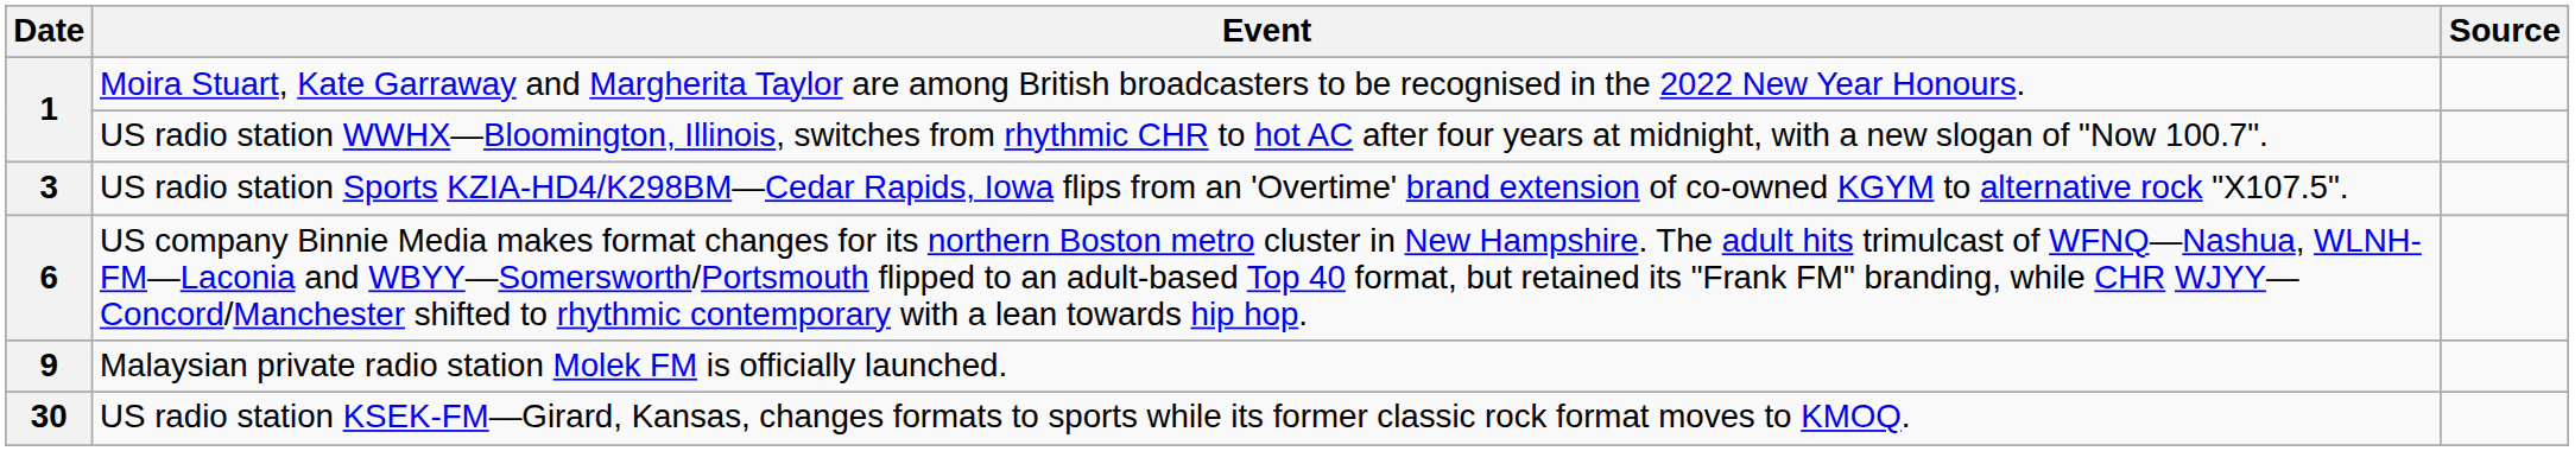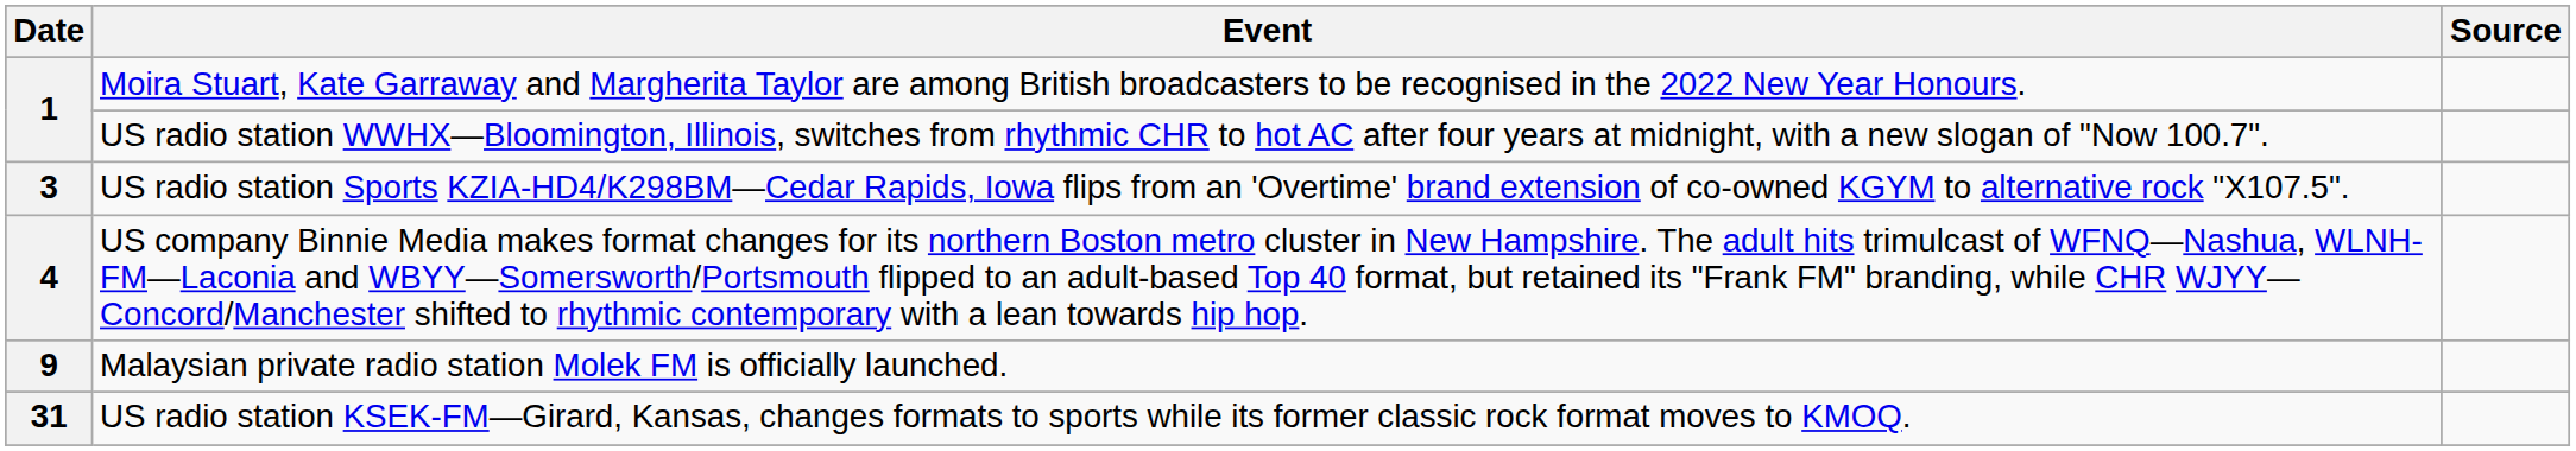 <table class=wikitable>
 <tr>
 <th>Date</th>
 <th>Event</th>
 <th>Source</th>
 </tr>
 <tr>
 <th rowspan="2">1</th>
 <td><a href='#'>Moira Stuart</a>, <a href='#'>Kate Garraway</a> and <a href='#'>Margherita Taylor</a> are among British broadcasters to be recognised in the <a href='#'>2022 New Year Honours</a>.</td>
 <td></td>
 </tr>
 <tr>
 <td>US radio station <a href='#'>WWHX</a>—<a href='#'>Bloomington, Illinois</a>, switches from <a href='#'>rhythmic CHR</a> to <a href='#'>hot AC</a> after four years at midnight, with a new slogan of "Now 100.7".</td>
 <td></td>
 </tr>
 <tr>
 <th>3</th>
 <td>US radio station <a href='#'>Sports</a> <a href='#'>KZIA-HD4/K298BM</a>—<a href='#'>Cedar Rapids, Iowa</a> flips from an 'Overtime' <a href='#'>brand extension</a> of co-owned <a href='#'>KGYM</a> to <a href='#'>alternative rock</a> "X107.5".</td>
 <td></td>
 </tr>
 <tr>
-<th>6</th>
+<th>4</th>
 <td>US company Binnie Media makes format changes for its <a href='#'>northern Boston metro</a> cluster in <a href='#'>New Hampshire</a>. The <a href='#'>adult hits</a> trimulcast of <a href='#'>WFNQ</a>—<a href='#'>Nashua</a>, <a href='#'>WLNH-FM</a>—<a href='#'>Laconia</a> and <a href='#'>WBYY</a>—<a href='#'>Somersworth</a>/<a href='#'>Portsmouth</a> flipped to an adult-based <a href='#'>Top 40</a> format, but retained its "Frank FM" branding, while <a href='#'>CHR</a> <a href='#'>WJYY</a>—<a href='#'>Concord</a>/<a href='#'>Manchester</a> shifted to <a href='#'>rhythmic contemporary</a> with a lean towards <a href='#'>hip hop</a>.</td>
 <td></td>
 </tr>
 <tr>
 <th>9</th>
 <td>Malaysian private radio station <a href='#'>Molek FM</a> is officially launched.</td>
 <td></td>
 </tr>
 <tr>
-<th>30</th>
+<th>31</th>
 <td>US radio station <a href='#'>KSEK-FM</a>—Girard, Kansas, changes formats to sports while its former classic rock format moves to <a href='#'>KMOQ</a>.</td>
 <td></td>
 </tr>
 </table>
